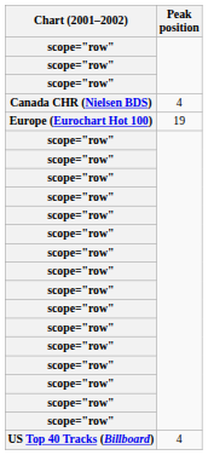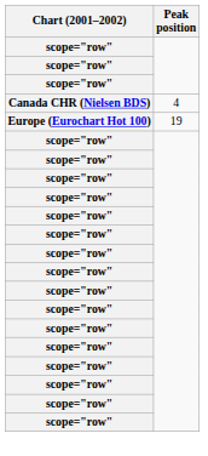 <table class="wikitable sortable plainrowheaders" style="text-align:center">
 <tr>
 <th scope="col">Chart (2001–2002)</th>
 <th scope="col">Peak<br>position</th>
 </tr>
 <tr>
 <th>scope="row"</th>
 </tr>
 <tr>
 <th>scope="row"</th>
 </tr>
 <tr>
 <th>scope="row"</th>
 </tr>
 <tr>
 <th scope="row">Canada CHR (<a href='#'>Nielsen BDS</a>)</th>
 <td>4</td>
 </tr>
 <tr>
 <th scope="row">Europe (<a href='#'>Eurochart Hot 100</a>)</th>
 <td>19</td>
 </tr>
 <tr>
 <th>scope="row"</th>
 </tr>
 <tr>
 <th>scope="row"</th>
 </tr>
 <tr>
 <th>scope="row"</th>
 </tr>
 <tr>
 <th>scope="row"</th>
 </tr>
 <tr>
 <th>scope="row"</th>
 </tr>
 <tr>
 <th>scope="row"</th>
 </tr>
 <tr>
 <th>scope="row"</th>
 </tr>
 <tr>
 <th>scope="row"</th>
 </tr>
 <tr>
 <th>scope="row"</th>
 </tr>
 <tr>
 <th>scope="row"</th>
 </tr>
 <tr>
 <th>scope="row"</th>
 </tr>
 <tr>
 <th>scope="row"</th>
 </tr>
 <tr>
 <th>scope="row"</th>
 </tr>
 <tr>
 <th>scope="row"</th>
 </tr>
 <tr>
 <th>scope="row"</th>
 </tr>
 <tr>
 <th>scope="row"</th>
 </tr>
-<tr>
-<th scope="row">US <a href='#'>Top 40 Tracks</a> (<em><a href='#'>Billboard</a></em>)</th>
-<td>4</td>
-</tr>
 </table>
